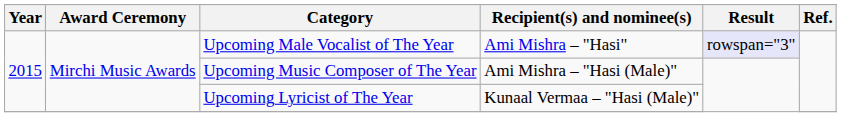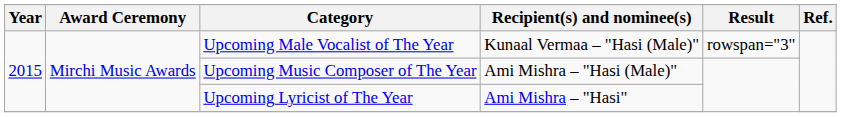 <table class="wikitable sortable">
 <tr style="background:#ccc; text-align:center;" bgcolor="#B0C4DE">
 </tr>
 <tr>
 <th>Year</th>
 <th>Award Ceremony</th>
 <th>Category</th>
 <th>Recipient(s) and nominee(s)</th>
 <th>Result</th>
 <th>Ref.</th>
 </tr>
 <tr>
 <td rowspan="3"><a href='#'>2015</a></td>
 <td rowspan="3"><a href='#'>Mirchi Music Awards</a></td>
 <td><a href='#'>Upcoming Male Vocalist of The Year</a></td>
-<td><a href='#'>Ami Mishra</a> – "Hasi"</td>
-<td style="background: lavender;">rowspan="3" </td>
+<td>Kunaal Vermaa – "Hasi (Male)"</td>
+<td>rowspan="3" </td>
 <td rowspan="3"></td>
 </tr>
 <tr>
 <td><a href='#'>Upcoming Music Composer of The Year</a></td>
 <td>Ami Mishra – "Hasi (Male)"</td>
 </tr>
 <tr>
 <td><a href='#'>Upcoming Lyricist of The Year</a></td>
-<td>Kunaal Vermaa – "Hasi (Male)"</td>
+<td><a href='#'>Ami Mishra</a> – "Hasi"</td>
 </tr>
 <tr>
 </tr>
 </table>
